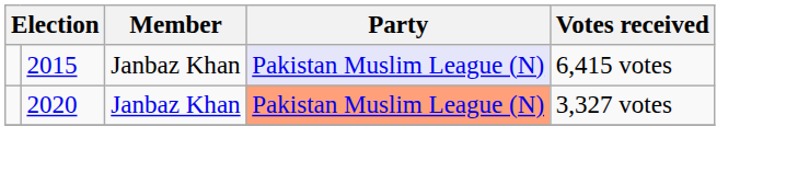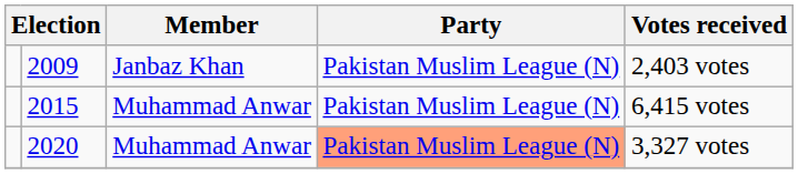 <table class="wikitable">
 <tr>
 <th colspan="2">Election</th>
 <th>Member</th>
 <th>Party</th>
 <th>Votes received</th>
 </tr>
 <tr>
 <td style="background-color: "></td>
+<td><a href='#'>2009</a></td>
+<td><a href='#'>Janbaz Khan</a></td>
+<td><a href='#'>Pakistan Muslim League (N)</a></td>
+<td>2,403 votes</td>
+</tr>
+<tr>
+<td style="background-color: "></td>
 <td><a href='#'>2015</a></td>
-<td>Janbaz Khan</td>
-<td style="background: lavender;"><a href='#'>Pakistan Muslim League (N)</a></td>
+<td><a href='#'>Muhammad Anwar</a></td>
+<td><a href='#'>Pakistan Muslim League (N)</a></td>
 <td>6,415 votes</td>
 </tr>
 <tr>
 <td style="background-color: "></td>
 <td><a href='#'>2020</a></td>
-<td><a href='#'>Janbaz Khan</a></td>
+<td><a href='#'>Muhammad Anwar</a></td>
 <td style="background: lightsalmon;"><a href='#'>Pakistan Muslim League (N)</a></td>
 <td>3,327 votes</td>
 </tr>
 <tr>
 </tr>
 </table>
